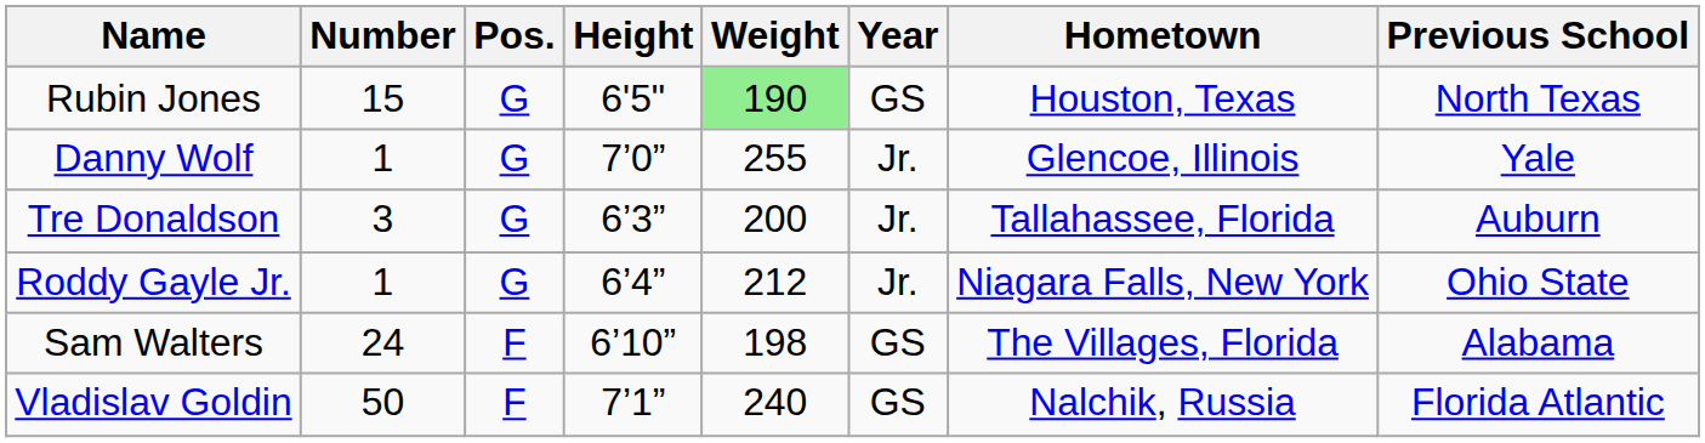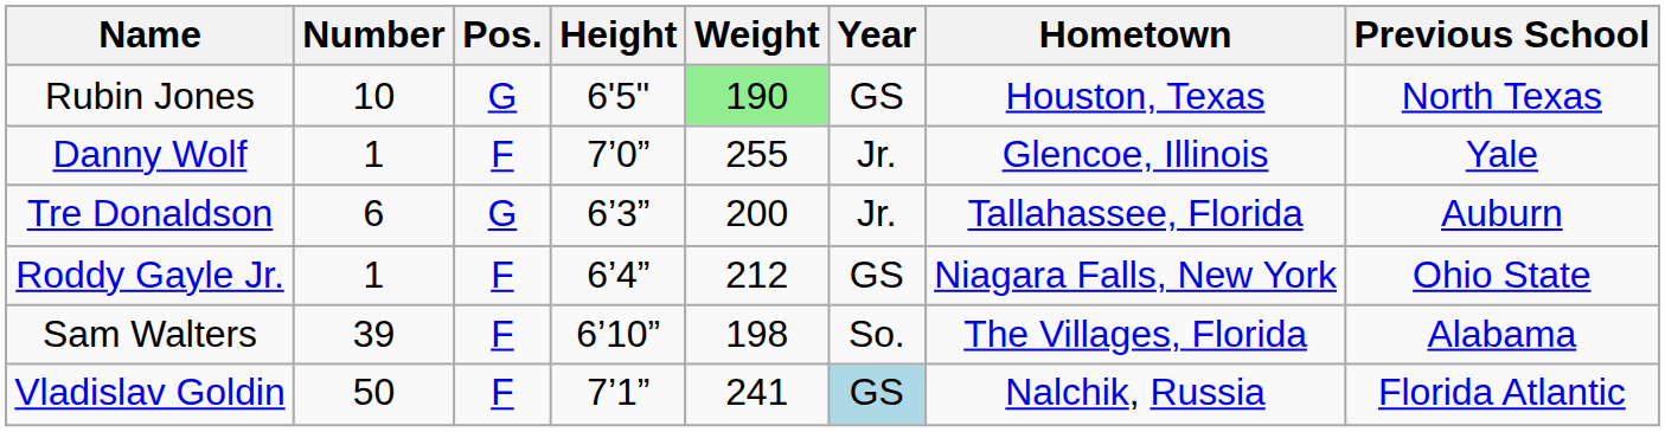 <table class="wikitable sortable sortable" style="text-align: center">
 <tr align=center>
 <th>Name</th>
 <th>Number</th>
 <th>Pos.</th>
 <th>Height</th>
 <th>Weight</th>
 <th>Year</th>
 <th>Hometown</th>
 <th>Previous School</th>
 </tr>
 <tr>
 <td>Rubin Jones</td>
-<td>15</td>
+<td>10</td>
 <td><a href='#'>G</a></td>
 <td>6'5"</td>
 <td style="background: lightgreen;">190</td>
 <td>GS</td>
 <td><a href='#'>Houston, Texas</a></td>
 <td><a href='#'>North Texas</a></td>
 </tr>
 <tr>
 <td><a href='#'>Danny Wolf</a></td>
 <td>1</td>
-<td><a href='#'>G</a></td>
+<td><a href='#'>F</a></td>
 <td>7’0”</td>
 <td>255</td>
 <td>Jr.</td>
 <td><a href='#'>Glencoe, Illinois</a></td>
 <td><a href='#'>Yale</a></td>
 </tr>
 <tr>
 <td><a href='#'>Tre Donaldson</a></td>
-<td>3</td>
+<td>6</td>
 <td><a href='#'>G</a></td>
 <td>6’3”</td>
 <td>200</td>
 <td>Jr.</td>
 <td><a href='#'>Tallahassee, Florida</a></td>
 <td><a href='#'>Auburn</a></td>
 </tr>
 <tr>
 <td><a href='#'>Roddy Gayle Jr.</a></td>
 <td>1</td>
-<td><a href='#'>G</a></td>
+<td><a href='#'>F</a></td>
 <td>6’4”</td>
 <td>212</td>
-<td>Jr.</td>
+<td>GS</td>
 <td><a href='#'>Niagara Falls, New York</a></td>
 <td><a href='#'>Ohio State</a></td>
 </tr>
 <tr>
 <td>Sam Walters</td>
-<td>24</td>
+<td>39</td>
 <td><a href='#'>F</a></td>
 <td>6’10”</td>
 <td>198</td>
-<td>GS</td>
+<td>So.</td>
 <td><a href='#'>The Villages, Florida</a></td>
 <td><a href='#'>Alabama</a></td>
 </tr>
 <tr>
 <td><a href='#'>Vladislav Goldin</a></td>
 <td>50</td>
 <td><a href='#'>F</a></td>
 <td>7’1”</td>
-<td>240</td>
-<td>GS</td>
+<td>241</td>
+<td style="background: lightblue;">GS</td>
 <td><a href='#'>Nalchik</a>, <a href='#'>Russia</a></td>
 <td><a href='#'>Florida Atlantic</a></td>
 </tr>
 </table>
